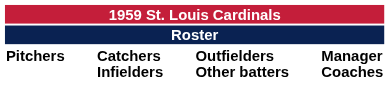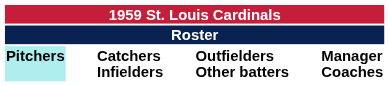 <table class="toccolours" style="font-size: 95%;">
 <tr>
 <th colspan="10" style="background-color: #c41e3a; color: white; text-align: center;">1959 St. Louis Cardinals</th>
 </tr>
 <tr>
 <td colspan="10" style="background-color: #0a2252; color: white; text-align: center;"><strong>Roster</strong></td>
 </tr>
 <tr>
-<td valign="top"><strong>Pitchers</strong><br>                     </td>
+<td valign="top" style="background: paleturquoise;"><strong>Pitchers</strong><br>                     </td>
 <td width="25px"></td>
 <td valign="top"><strong>Catchers</strong><br>    <strong>Infielders</strong>          </td>
 <td width="25px"></td>
 <td valign="top"><strong>Outfielders</strong><br>            <strong>Other batters</strong> </td>
 <td width="25px"></td>
 <td valign="top"><strong>Manager</strong><br> <strong>Coaches</strong>    </td>
 </tr>
 </table>
